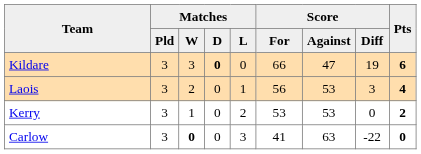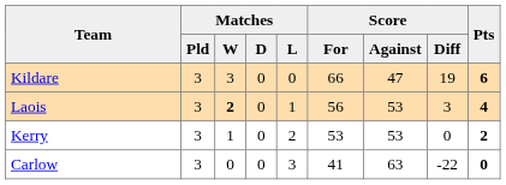 <table style=border-collapse:collapse border=1 cellspacing=0 cellpadding=5>
 <tr align=center bgcolor=#efefef>
 <th rowspan=2 width=165>Team</th>
 <th colspan=4>Matches</th>
 <th colspan=3>Score</th>
 <th rowspan=2width=20>Pts</th>
 </tr>
 <tr align=center bgcolor=#efefef>
 <th width=20>Pld</th>
 <th width=20>W</th>
 <th width=20>D</th>
 <th width=20>L</th>
 <th width=45>For</th>
 <th width=45>Against</th>
 <th width=30>Diff</th>
 </tr>
 <tr align=center style="background:#FFDEAD;">
 <td style="text-align:left;"><a href='#'>Kildare</a></td>
 <td>3</td>
 <td>3</td>
-<td><strong>0</strong></td>
+<td>0</td>
 <td>0</td>
 <td>66</td>
 <td>47</td>
 <td>19</td>
 <td><strong>6</strong></td>
 </tr>
 <tr align=center style="background:#FFDEAD;">
 <td style="text-align:left;"><a href='#'>Laois</a></td>
 <td>3</td>
-<td>2</td>
+<td><strong>2</strong></td>
 <td>0</td>
 <td>1</td>
 <td>56</td>
 <td>53</td>
 <td>3</td>
 <td><strong>4</strong></td>
 </tr>
 <tr align=center>
 <td style="text-align:left;"><a href='#'>Kerry</a></td>
 <td>3</td>
 <td>1</td>
 <td>0</td>
 <td>2</td>
 <td>53</td>
 <td>53</td>
 <td>0</td>
 <td><strong>2</strong></td>
 </tr>
 <tr align=center>
 <td style="text-align:left;"><a href='#'>Carlow</a></td>
 <td>3</td>
-<td><strong>0</strong></td>
+<td>0</td>
 <td>0</td>
 <td>3</td>
 <td>41</td>
 <td>63</td>
 <td>-22</td>
 <td><strong>0</strong></td>
 </tr>
 </table>
